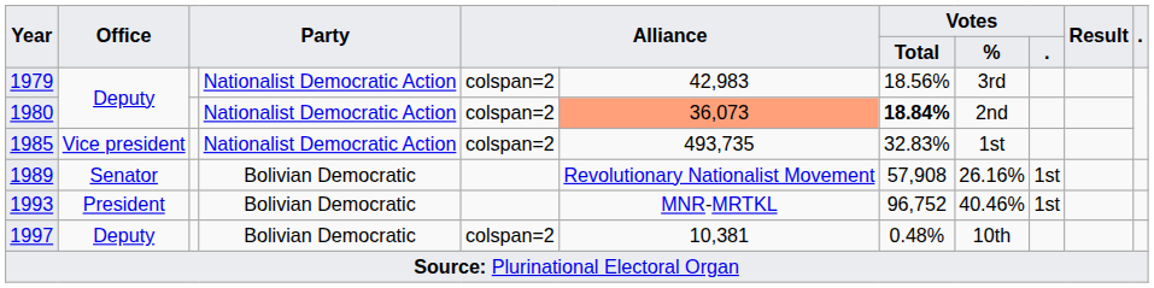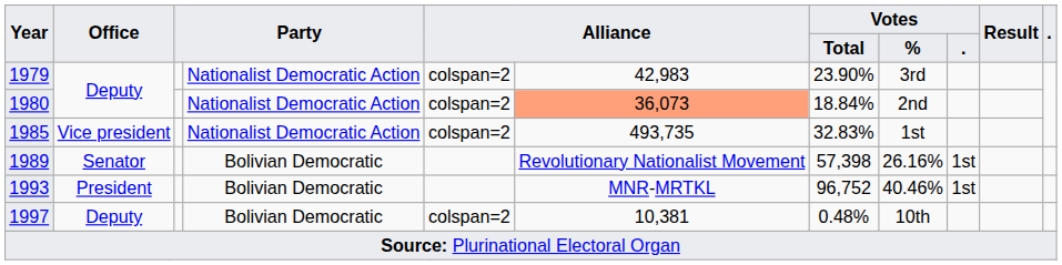 <table class="wikitable" style="font-size:90%; text-align:center;">
 <tr>
 <th style="background-color:#EAECF0;" rowspan=2>Year</th>
 <th style="background-color:#EAECF0;" rowspan=2>Office</th>
 <th style="background-color:#EAECF0;" colspan=2 rowspan=2>Party</th>
 <th style="background-color:#EAECF0;" colspan=2 rowspan=2>Alliance</th>
 <th style="background-color:#EAECF0;" colspan=3>Votes</th>
 <th style="background-color:#EAECF0;" rowspan=2>Result</th>
 <th style="background-color:#EAECF0;" rowspan=2>.</th>
 </tr>
 <tr>
 <th style="background-color:#EAECF0;">Total</th>
 <th style="background-color:#EAECF0;">%</th>
 <th style="background-color:#EAECF0;">.</th>
 </tr>
 <tr>
 <td style="background-color:#EAECF0;"><a href='#'>1979</a></td>
 <td rowspan=2><a href='#'>Deputy</a></td>
 <td style="background-color:"></td>
 <td><a href='#'>Nationalist Democratic Action</a></td>
 <td>colspan=2 </td>
 <td>42,983</td>
-<td>18.56%</td>
+<td>23.90%</td>
 <td>3rd</td>
 <td></td>
 <td></td>
 </tr>
 <tr>
 <td style="background-color:#EAECF0;"><a href='#'>1980</a></td>
 <td style="background-color:"></td>
 <td><a href='#'>Nationalist Democratic Action</a></td>
 <td>colspan=2 </td>
 <td style="background: lightsalmon;">36,073</td>
-<td><strong>18.84%</strong></td>
+<td>18.84%</td>
 <td>2nd</td>
 <td></td>
 <td></td>
 </tr>
 <tr>
 <td style="background-color:#EAECF0;"><a href='#'>1985</a></td>
 <td><a href='#'>Vice president</a></td>
 <td style="background-color:"></td>
 <td><a href='#'>Nationalist Democratic Action</a></td>
 <td>colspan=2 </td>
 <td>493,735</td>
 <td>32.83%</td>
 <td>1st</td>
 <td></td>
 <td></td>
 </tr>
 <tr>
 <td style="background-color:#EAECF0;"><a href='#'>1989</a></td>
 <td><a href='#'>Senator</a></td>
 <td style="background-color:"></td>
 <td>Bolivian Democratic</td>
 <td style="background-color:"></td>
 <td><a href='#'>Revolutionary Nationalist Movement</a></td>
-<td>57,908</td>
+<td>57,398</td>
 <td>26.16%</td>
 <td>1st</td>
 <td></td>
 <td></td>
 </tr>
 <tr>
 <td style="background-color:#EAECF0;"><a href='#'>1993</a></td>
 <td><a href='#'>President</a></td>
 <td style="background-color:"></td>
 <td>Bolivian Democratic</td>
 <td style="background-color:"></td>
 <td><a href='#'>MNR</a>-<a href='#'>MRTKL</a></td>
 <td>96,752</td>
 <td>40.46%</td>
 <td>1st</td>
 <td></td>
 <td></td>
 </tr>
 <tr>
 <td style="background-color:#EAECF0;"><a href='#'>1997</a></td>
 <td><a href='#'>Deputy</a></td>
 <td style="background-color:"></td>
 <td>Bolivian Democratic</td>
 <td>colspan=2 </td>
 <td>10,381</td>
 <td>0.48%</td>
 <td>10th</td>
 <td></td>
 <td></td>
 </tr>
 <tr>
 <td style="background-color:#EAECF0;" colspan=11><strong>Source:</strong> <a href='#'>Plurinational Electoral Organ</a>  </td>
 </tr>
 </table>
